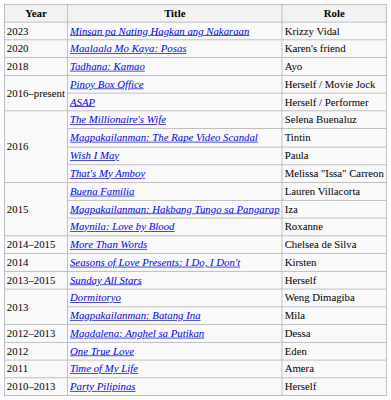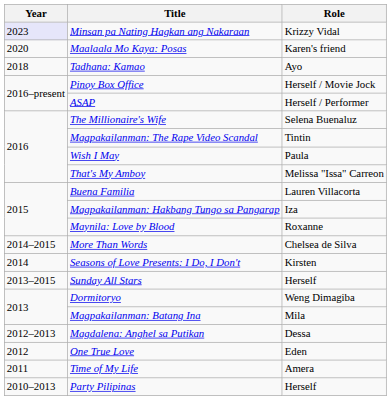 <table class="wikitable" style="font-size: 95%;">
 <tr>
 <th>Year</th>
 <th>Title</th>
 <th>Role</th>
 </tr>
 <tr>
-<td>2023</td>
+<td style="background: lavender;">2023</td>
 <td><em><a href='#'>Minsan pa Nating Hagkan ang Nakaraan</a></em></td>
 <td>Krizzy Vidal</td>
 </tr>
 <tr>
 <td>2020</td>
 <td><em><a href='#'>Maalaala Mo Kaya: Posas</a></em></td>
 <td>Karen's friend</td>
 </tr>
 <tr>
 <td>2018</td>
 <td><em><a href='#'>Tadhana: Kamao</a></em></td>
 <td>Ayo</td>
 </tr>
 <tr>
 <td rowspan="2">2016–present</td>
 <td><em><a href='#'>Pinoy Box Office</a></em></td>
 <td>Herself / Movie Jock</td>
 </tr>
 <tr>
 <td><em><a href='#'>ASAP</a></em></td>
 <td>Herself / Performer</td>
 </tr>
 <tr>
 <td rowspan="4">2016</td>
 <td><em><a href='#'>The Millionaire's Wife</a></em></td>
 <td>Selena Buenaluz</td>
 </tr>
 <tr>
 <td><em><a href='#'>Magpakailanman: The Rape Video Scandal</a></em></td>
 <td>Tintin</td>
 </tr>
 <tr>
 <td><em><a href='#'>Wish I May</a></em></td>
 <td>Paula</td>
 </tr>
 <tr>
 <td><em><a href='#'>That's My Amboy</a></em></td>
 <td>Melissa "Issa" Carreon</td>
 </tr>
 <tr>
 <td rowspan="3">2015</td>
 <td><em><a href='#'>Buena Familia</a></em></td>
 <td>Lauren Villacorta</td>
 </tr>
 <tr>
 <td><em><a href='#'>Magpakailanman: Hakbang Tungo sa Pangarap</a></em></td>
 <td>Iza</td>
 </tr>
 <tr>
 <td><em><a href='#'>Maynila: Love by Blood</a></em></td>
 <td>Roxanne</td>
 </tr>
 <tr>
 <td>2014–2015</td>
 <td><em><a href='#'>More Than Words</a></em></td>
 <td>Chelsea de Silva</td>
 </tr>
 <tr>
 <td>2014</td>
 <td><em><a href='#'>Seasons of Love Presents: I Do, I Don't</a></em></td>
 <td>Kirsten</td>
 </tr>
 <tr>
 <td>2013–2015</td>
 <td><em><a href='#'>Sunday All Stars</a></em></td>
 <td>Herself</td>
 </tr>
 <tr>
 <td rowspan="2">2013</td>
 <td><em><a href='#'>Dormitoryo</a></em></td>
 <td>Weng Dimagiba</td>
 </tr>
 <tr>
 <td><em><a href='#'>Magpakailanman: Batang Ina</a></em></td>
 <td>Mila</td>
 </tr>
 <tr>
 <td>2012–2013</td>
 <td><em><a href='#'>Magdalena: Anghel sa Putikan</a></em></td>
 <td>Dessa</td>
 </tr>
 <tr>
 <td>2012</td>
 <td><em><a href='#'>One True Love</a></em></td>
 <td>Eden</td>
 </tr>
 <tr>
 <td>2011</td>
 <td><em><a href='#'>Time of My Life</a></em></td>
 <td>Amera</td>
 </tr>
 <tr>
 <td>2010–2013</td>
 <td><em><a href='#'>Party Pilipinas</a></em></td>
 <td>Herself</td>
 </tr>
 </table>
